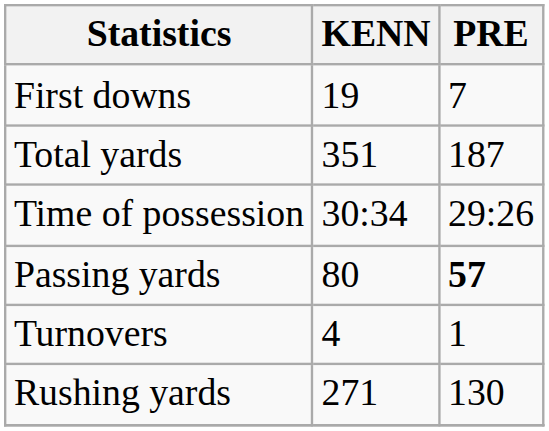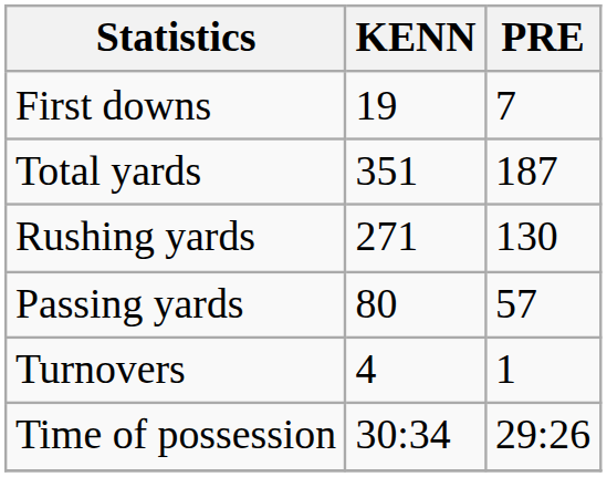 <table class="wikitable">
 <tr>
 <th>Statistics</th>
 <th>KENN</th>
 <th>PRE</th>
 </tr>
 <tr>
 <td>First downs</td>
 <td>19</td>
 <td>7</td>
 </tr>
 <tr>
 <td>Total yards</td>
 <td>351</td>
 <td>187</td>
 </tr>
 <tr>
-<td>Time of possession</td>
-<td>30:34</td>
-<td>29:26</td>
+<td>Rushing yards</td>
+<td>271</td>
+<td>130</td>
 </tr>
 <tr>
 <td>Passing yards</td>
 <td>80</td>
-<td><strong>57</strong></td>
+<td>57</td>
 </tr>
 <tr>
 <td>Turnovers</td>
 <td>4</td>
 <td>1</td>
 </tr>
 <tr>
-<td>Rushing yards</td>
-<td>271</td>
-<td>130</td>
+<td>Time of possession</td>
+<td>30:34</td>
+<td>29:26</td>
 </tr>
 <tr>
 </tr>
 </table>
